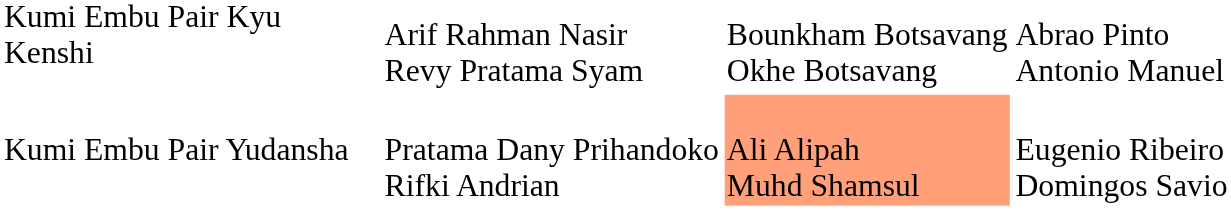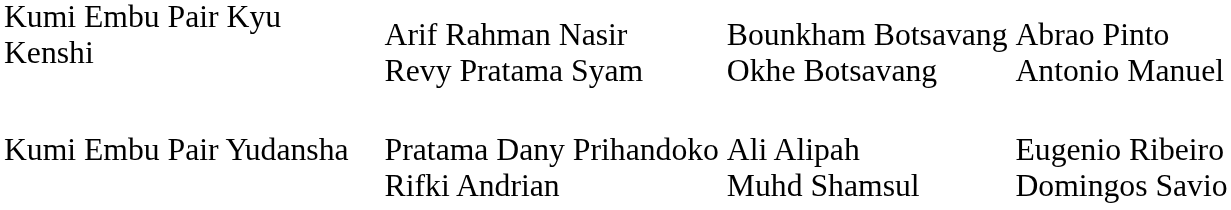 <table>
 <tr>
 <td>Kumi Embu Pair Kyu Kenshi</td>
 <td><br>Arif Rahman Nasir<br>Revy Pratama Syam</td>
 <td nowrap><br>Bounkham Botsavang<br>Okhe Botsavang</td>
 <td><br>Abrao Pinto<br>Antonio Manuel</td>
 </tr>
 <tr>
 <td>Kumi Embu Pair Yudansha</td>
 <td nowrap><br>Pratama Dany Prihandoko<br>Rifki Andrian</td>
-<td style="background: lightsalmon;"><br>Ali Alipah<br>Muhd Shamsul</td>
+<td><br>Ali Alipah<br>Muhd Shamsul</td>
 <td nowrap><br>Eugenio Ribeiro<br>Domingos Savio</td>
 </tr>
 </table>
